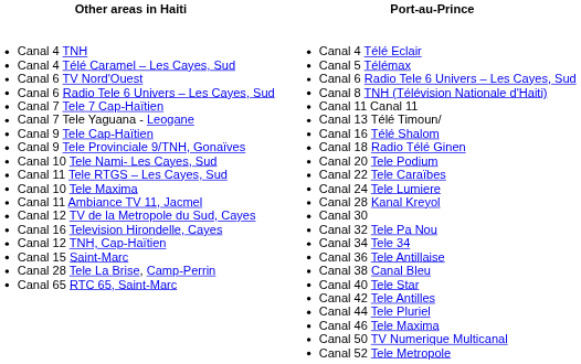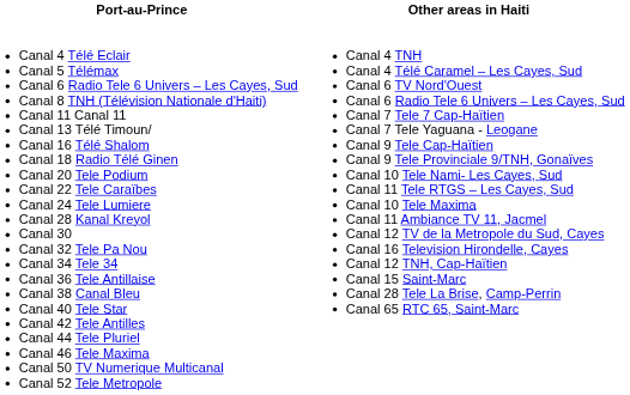 <table>
 <tr>
+<th>Port-au-Prince</th>
+<th></th>
 <th>Other areas in Haiti</th>
-<th></th>
-<th>Port-au-Prince</th>
 </tr>
 <tr>
+<td><br><ul><li>Canal 4 <a href='#'>Télé Eclair</a></li><li>Canal 5 <a href='#'>Télémax</a></li><li>Canal 6 <a href='#'>Radio Tele 6 Univers – Les Cayes, Sud</a></li><li>Canal 8 <a href='#'>TNH (Télévision Nationale d'Haiti)</a></li><li>Canal 11 Canal 11</li><li>Canal 13 Télé Timoun/</li><li>Canal 16 <a href='#'>Télé Shalom</a></li><li>Canal 18 <a href='#'>Radio Télé Ginen</a></li><li>Canal 20 <a href='#'>Tele Podium</a></li><li>Canal 22 <a href='#'>Tele Caraïbes</a></li><li>Canal 24 <a href='#'>Tele Lumiere</a></li><li>Canal 28 <a href='#'>Kanal Kreyol</a></li><li>Canal 30  </li><li>Canal 32 <a href='#'>Tele Pa Nou</a></li><li>Canal 34 <a href='#'>Tele 34</a></li><li>Canal 36 <a href='#'>Tele Antillaise</a></li><li>Canal 38 <a href='#'>Canal Bleu</a></li><li>Canal 40 <a href='#'>Tele Star</a></li><li>Canal 42 <a href='#'>Tele Antilles</a></li><li>Canal 44 <a href='#'>Tele Pluriel</a></li><li>Canal 46 <a href='#'>Tele Maxima</a></li><li>Canal 50 <a href='#'>TV Numerique Multicanal</a></li><li>Canal 52 <a href='#'>Tele Metropole</a></li></ul></td>
+<td width=10em></td>
 <td valign="top"><br><ul><li>Canal 4 <a href='#'>TNH</a></li><li>Canal 4 <a href='#'>Télé Caramel – Les Cayes, Sud</a></li><li>Canal 6 <a href='#'>TV Nord'Ouest</a></li><li>Canal 6 <a href='#'>Radio Tele 6 Univers – Les Cayes, Sud</a></li><li>Canal 7 <a href='#'>Tele 7 Cap-Haïtien</a></li><li>Canal 7  Tele Yaguana - <a href='#'>Leogane</a></li><li>Canal 9 <a href='#'>Tele Cap-Haïtien</a></li><li>Canal 9 <a href='#'>Tele Provinciale 9/TNH, Gonaïves</a></li><li>Canal 10 <a href='#'>Tele Nami- Les Cayes, Sud</a></li><li>Canal 11 <a href='#'>Tele RTGS – Les Cayes, Sud</a></li><li>Canal 10 <a href='#'>Tele Maxima</a></li><li>Canal 11 <a href='#'>Ambiance TV 11, Jacmel</a></li><li>Canal 12 <a href='#'>TV de la Metropole du Sud, Cayes</a></li><li>Canal 16  <a href='#'>Television Hirondelle, Cayes</a></li><li>Canal 12 <a href='#'>TNH, Cap-Haïtien</a></li><li>Canal 15 <a href='#'>Saint-Marc</a></li><li>Canal 28 <a href='#'>Tele La Brise</a>, <a href='#'>Camp-Perrin</a></li><li>Canal 65 <a href='#'>RTC 65, Saint-Marc</a></li></ul></td>
-<td width=10em></td>
-<td><br><ul><li>Canal 4 <a href='#'>Télé Eclair</a></li><li>Canal 5 <a href='#'>Télémax</a></li><li>Canal 6 <a href='#'>Radio Tele 6 Univers – Les Cayes, Sud</a></li><li>Canal 8 <a href='#'>TNH (Télévision Nationale d'Haiti)</a></li><li>Canal 11 Canal 11</li><li>Canal 13 Télé Timoun/</li><li>Canal 16 <a href='#'>Télé Shalom</a></li><li>Canal 18 <a href='#'>Radio Télé Ginen</a></li><li>Canal 20 <a href='#'>Tele Podium</a></li><li>Canal 22 <a href='#'>Tele Caraïbes</a></li><li>Canal 24 <a href='#'>Tele Lumiere</a></li><li>Canal 28 <a href='#'>Kanal Kreyol</a></li><li>Canal 30  </li><li>Canal 32 <a href='#'>Tele Pa Nou</a></li><li>Canal 34 <a href='#'>Tele 34</a></li><li>Canal 36 <a href='#'>Tele Antillaise</a></li><li>Canal 38 <a href='#'>Canal Bleu</a></li><li>Canal 40 <a href='#'>Tele Star</a></li><li>Canal 42 <a href='#'>Tele Antilles</a></li><li>Canal 44 <a href='#'>Tele Pluriel</a></li><li>Canal 46 <a href='#'>Tele Maxima</a></li><li>Canal 50 <a href='#'>TV Numerique Multicanal</a></li><li>Canal 52 <a href='#'>Tele Metropole</a></li></ul></td>
 </tr>
 </table>
